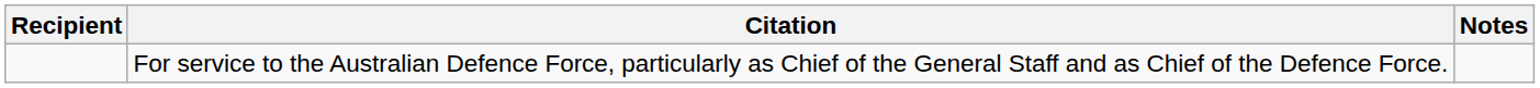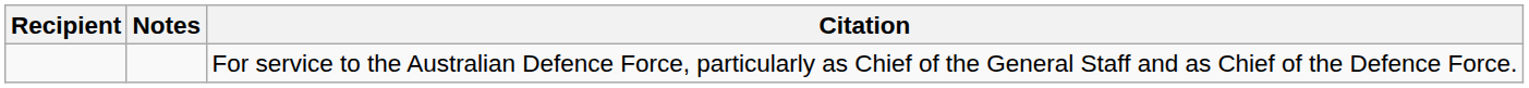 <table class="wikitable" style="font-size:95%;">
 <tr>
 <th>Recipient</th>
+<th>Notes</th>
 <th>Citation</th>
-<th>Notes</th>
 </tr>
 <tr>
 <td></td>
+<td rowspan=1></td>
 <td>For service to the Australian Defence Force, particularly as Chief of the General Staff and as Chief of the Defence Force.</td>
-<td rowspan=1></td>
 </tr>
 </table>
